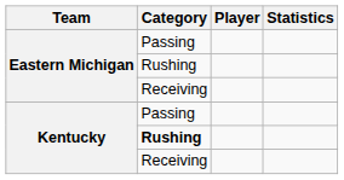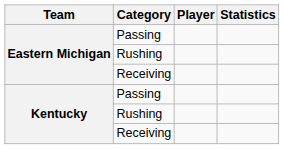 <table class="wikitable" style="float:right">
 <tr>
 <th>Team</th>
 <th>Category</th>
 <th>Player</th>
 <th>Statistics</th>
 </tr>
 <tr>
 <th rowspan=3>Eastern Michigan</th>
 <td>Passing</td>
 <td></td>
 <td></td>
 </tr>
 <tr>
 <td>Rushing</td>
 <td></td>
 <td></td>
 </tr>
 <tr>
 <td>Receiving</td>
 <td></td>
 <td></td>
 </tr>
 <tr>
 <th rowspan=3>Kentucky</th>
 <td>Passing</td>
 <td></td>
 <td></td>
 </tr>
 <tr>
-<td><strong>Rushing</strong></td>
+<td>Rushing</td>
 <td></td>
 <td></td>
 </tr>
 <tr>
 <td>Receiving</td>
 <td></td>
 <td></td>
 </tr>
 </table>
